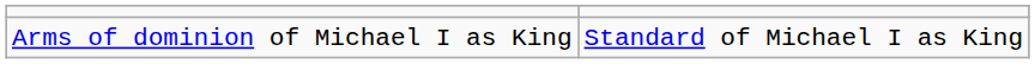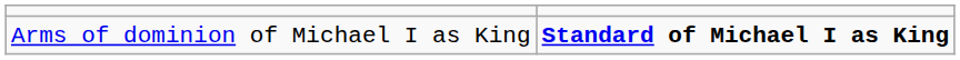 <table class="wikitable" style="margin:1em auto; text-align:center;">
 <tr>
 <td></td>
 <td></td>
 </tr>
 <tr>
 <td><a href='#'>Arms of dominion</a> of Michael I as King</td>
-<td><a href='#'>Standard</a> of Michael I as King</td>
+<td><strong><a href='#'>Standard</a> of Michael I as King</strong></td>
 </tr>
 </table>
